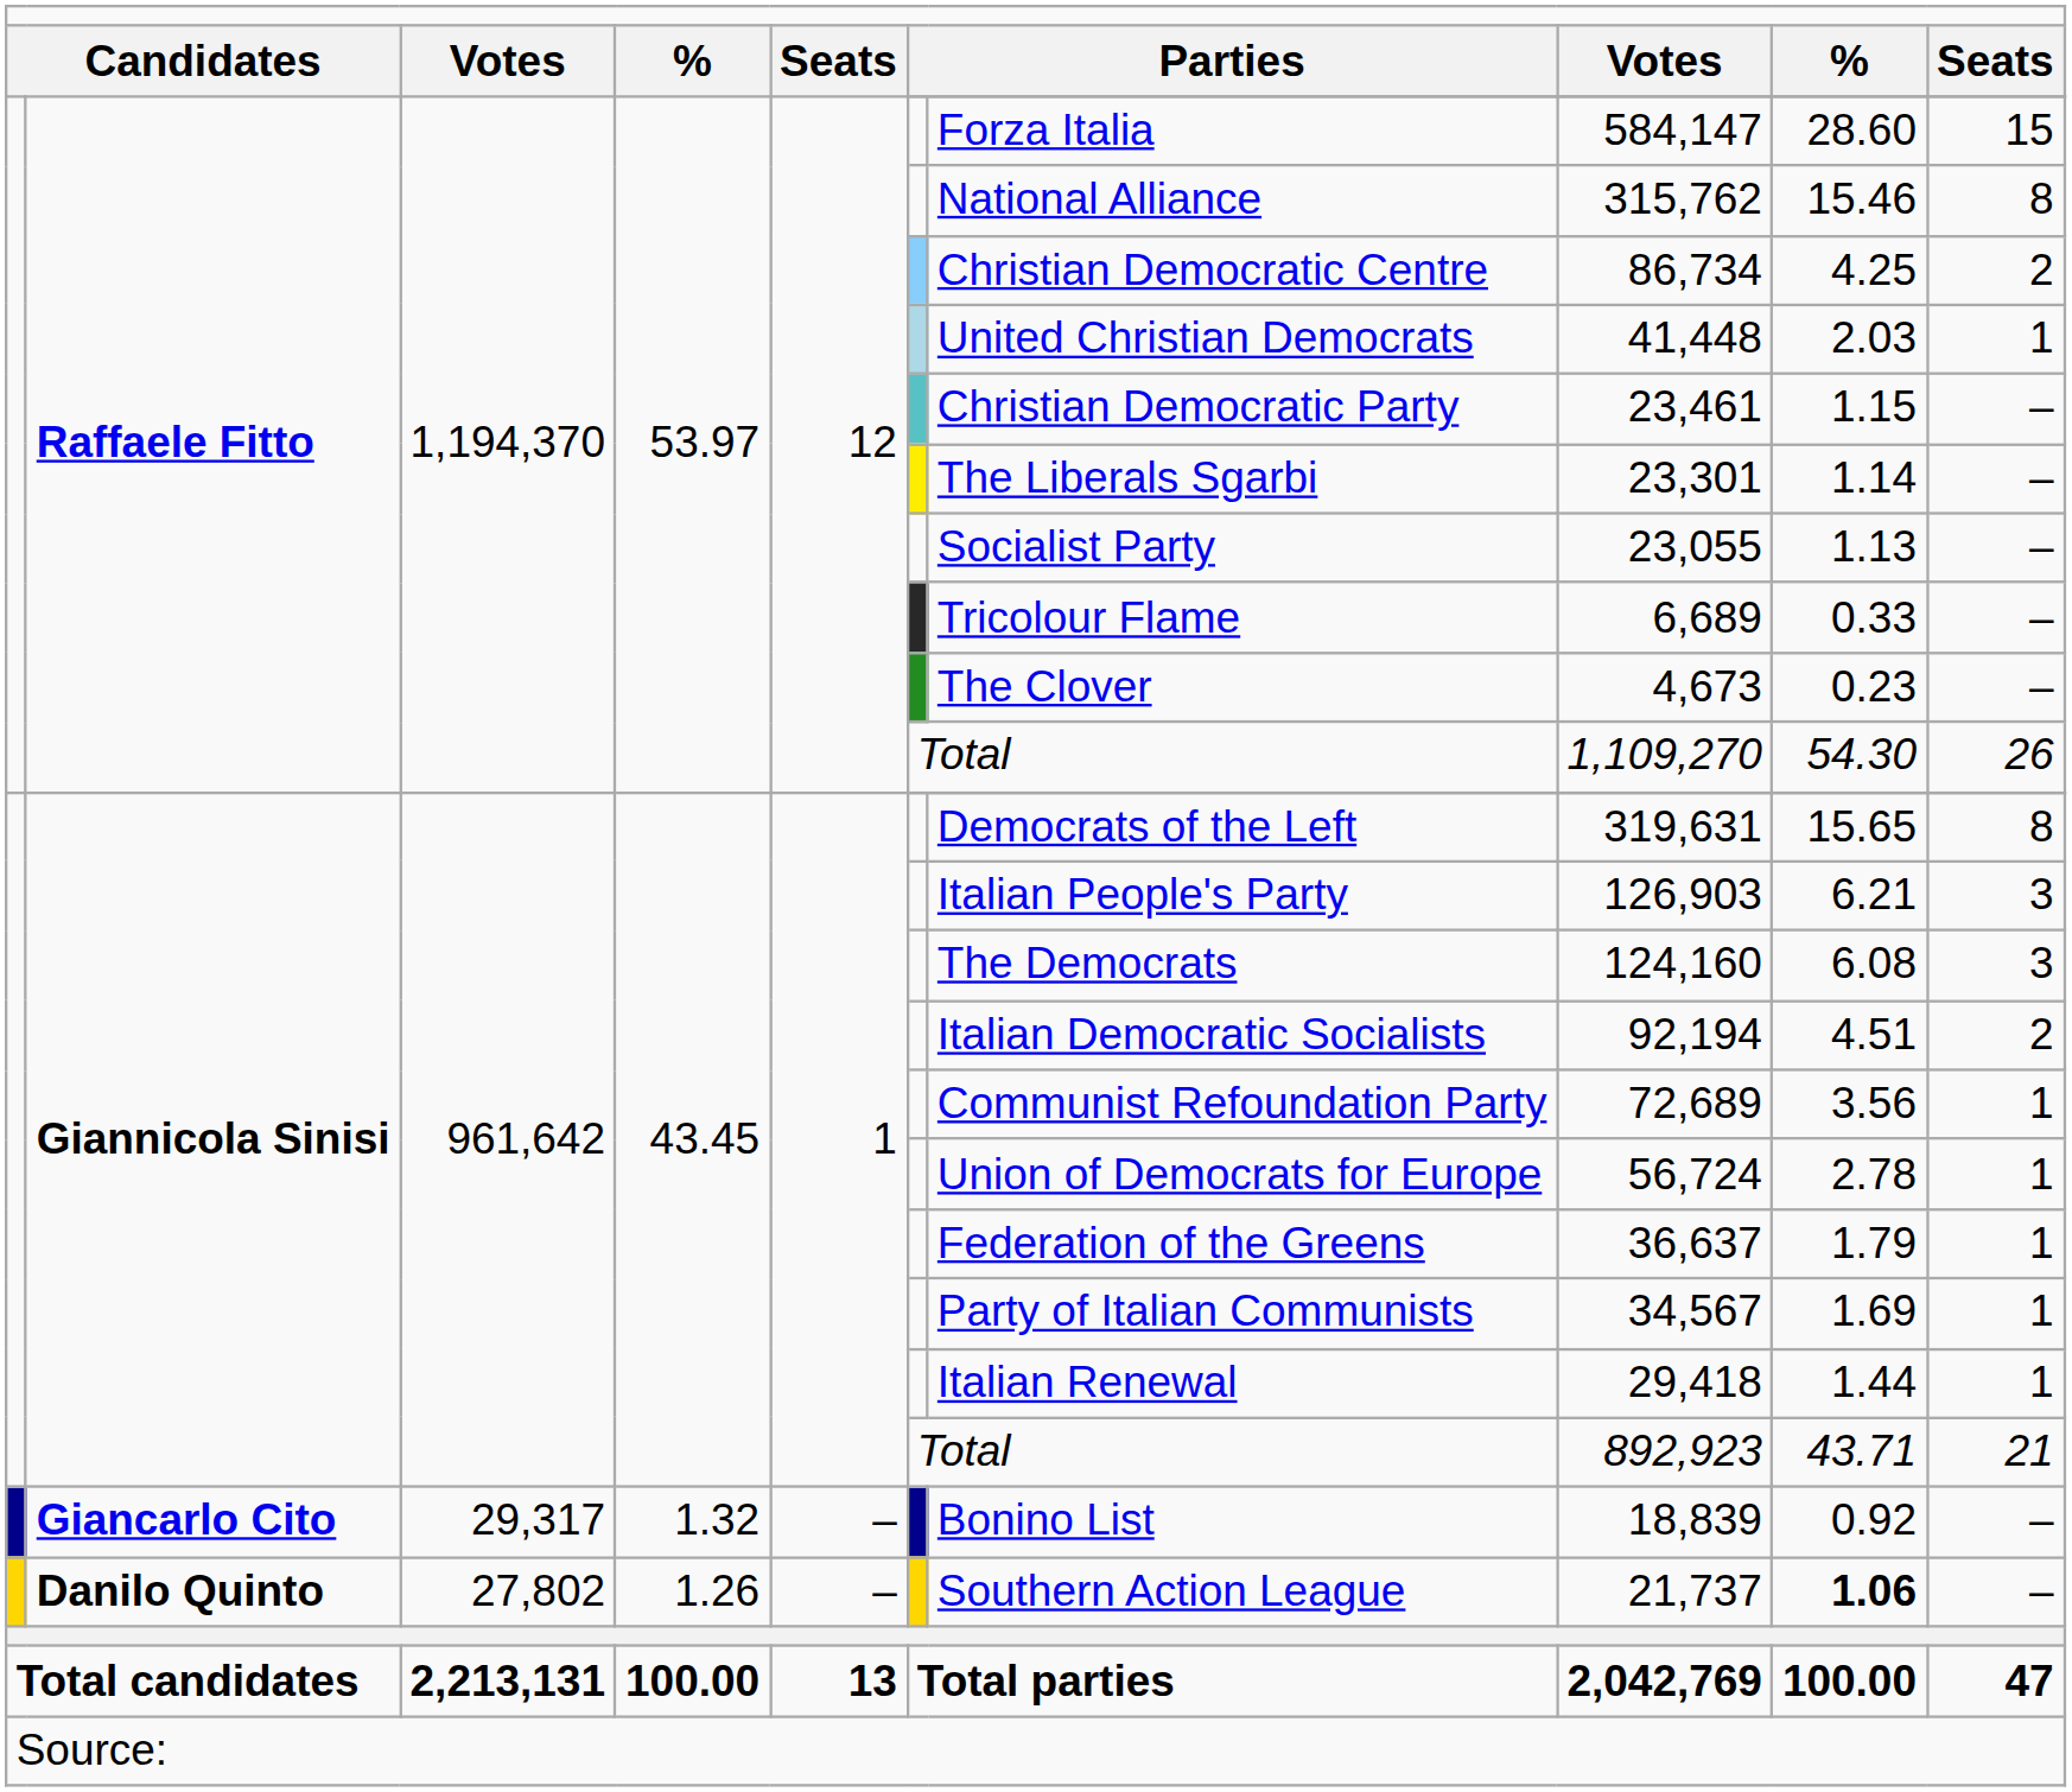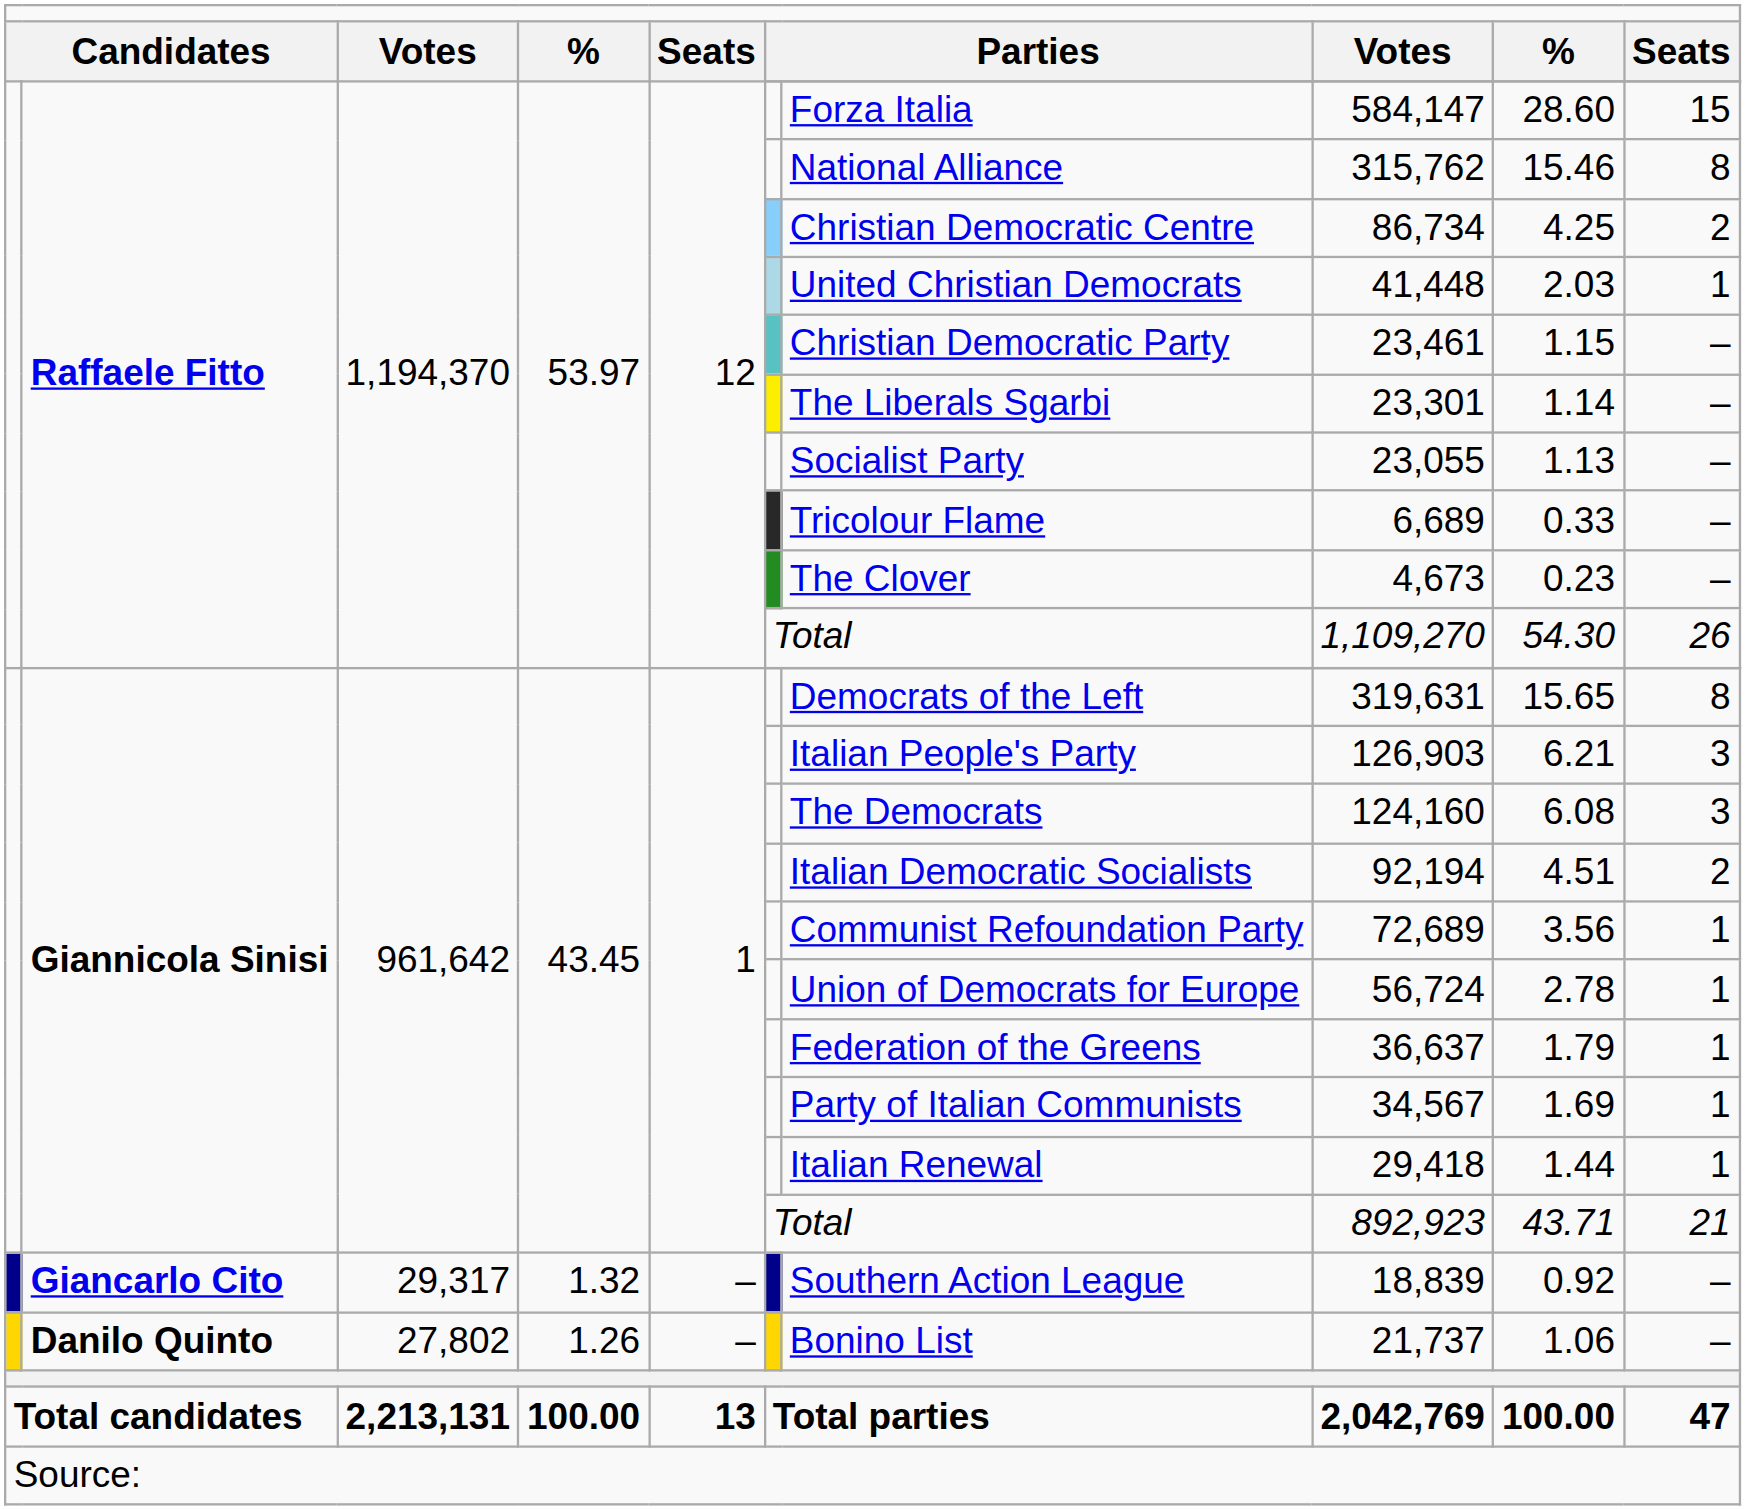 <table class="wikitable">
 <tr>
 <td colspan=10></td>
 </tr>
 <tr>
 <th colspan=2>Candidates</th>
 <th>Votes</th>
 <th>%</th>
 <th>Seats</th>
 <th colspan=2>Parties</th>
 <th>Votes</th>
 <th>%</th>
 <th>Seats</th>
 </tr>
 <tr>
 <td rowspan=11></td>
 <td rowspan=11><strong><a href='#'>Raffaele Fitto</a></strong></td>
 <td rowspan=11 align=right>1,194,370</td>
 <td rowspan=11 align=right>53.97</td>
 <td rowspan=11 align=right>12</td>
 </tr>
 <tr>
 <td></td>
 <td><a href='#'>Forza Italia</a></td>
 <td align=right>584,147</td>
 <td align=right>28.60</td>
 <td align=right>15</td>
 </tr>
 <tr>
 <td></td>
 <td><a href='#'>National Alliance</a></td>
 <td align=right>315,762</td>
 <td align=right>15.46</td>
 <td align=right>8</td>
 </tr>
 <tr>
 <td bgcolor="lightskyblue"></td>
 <td><a href='#'>Christian Democratic Centre</a></td>
 <td align=right>86,734</td>
 <td align=right>4.25</td>
 <td align=right>2</td>
 </tr>
 <tr>
 <td bgcolor="lightblue"></td>
 <td><a href='#'>United Christian Democrats</a></td>
 <td align=right>41,448</td>
 <td align=right>2.03</td>
 <td align=right>1</td>
 </tr>
 <tr>
 <td bgcolor="#58C1C4"></td>
 <td><a href='#'>Christian Democratic Party</a></td>
 <td align=right>23,461</td>
 <td align=right>1.15</td>
 <td align=right>–</td>
 </tr>
 <tr>
 <td bgcolor="#FDEE00"></td>
 <td><a href='#'>The Liberals Sgarbi</a></td>
 <td align=right>23,301</td>
 <td align=right>1.14</td>
 <td align=right>–</td>
 </tr>
 <tr>
 <td></td>
 <td><a href='#'>Socialist Party</a></td>
 <td align=right>23,055</td>
 <td align=right>1.13</td>
 <td align=right>–</td>
 </tr>
 <tr>
 <td bgcolor="#282828"></td>
 <td><a href='#'>Tricolour Flame</a></td>
 <td align=right>6,689</td>
 <td align=right>0.33</td>
 <td align=right>–</td>
 </tr>
 <tr>
 <td bgcolor="forestgreen"></td>
 <td><a href='#'>The Clover</a></td>
 <td align=right>4,673</td>
 <td align=right>0.23</td>
 <td align=right>–</td>
 </tr>
 <tr>
 <td colspan=2><em>Total</em></td>
 <td align=right><em>1,109,270</em></td>
 <td align=right><em>54.30</em></td>
 <td align=right><em>26</em></td>
 </tr>
 <tr>
 <td rowspan=11></td>
 <td rowspan=11><strong>Giannicola Sinisi</strong></td>
 <td rowspan=11 align=right>961,642</td>
 <td rowspan=11 align=right>43.45</td>
 <td rowspan=11 align=right>1</td>
 </tr>
 <tr>
 <td></td>
 <td><a href='#'>Democrats of the Left</a></td>
 <td align=right>319,631</td>
 <td align=right>15.65</td>
 <td align=right>8</td>
 </tr>
 <tr>
 <td></td>
 <td><a href='#'>Italian People's Party</a></td>
 <td align=right>126,903</td>
 <td align=right>6.21</td>
 <td align=right>3</td>
 </tr>
 <tr>
 <td></td>
 <td><a href='#'>The Democrats</a></td>
 <td align=right>124,160</td>
 <td align=right>6.08</td>
 <td align=right>3</td>
 </tr>
 <tr>
 <td></td>
 <td><a href='#'>Italian Democratic Socialists</a></td>
 <td align=right>92,194</td>
 <td align=right>4.51</td>
 <td align=right>2</td>
 </tr>
 <tr>
 <td></td>
 <td><a href='#'>Communist Refoundation Party</a></td>
 <td align=right>72,689</td>
 <td align=right>3.56</td>
 <td align=right>1</td>
 </tr>
 <tr>
 <td></td>
 <td><a href='#'>Union of Democrats for Europe</a></td>
 <td align=right>56,724</td>
 <td align=right>2.78</td>
 <td align=right>1</td>
 </tr>
 <tr>
 <td></td>
 <td><a href='#'>Federation of the Greens</a></td>
 <td align=right>36,637</td>
 <td align=right>1.79</td>
 <td align=right>1</td>
 </tr>
 <tr>
 <td></td>
 <td><a href='#'>Party of Italian Communists</a></td>
 <td align=right>34,567</td>
 <td align=right>1.69</td>
 <td align=right>1</td>
 </tr>
 <tr>
 <td></td>
 <td><a href='#'>Italian Renewal</a></td>
 <td align=right>29,418</td>
 <td align=right>1.44</td>
 <td align=right>1</td>
 </tr>
 <tr>
 <td colspan=2><em>Total</em></td>
 <td align=right><em>892,923</em></td>
 <td align=right><em>43.71</em></td>
 <td align=right><em>21</em></td>
 </tr>
 <tr>
 <td bgcolor="darkblue"></td>
 <td><strong><a href='#'>Giancarlo Cito</a></strong></td>
 <td align=right>29,317</td>
 <td align=right>1.32</td>
 <td align=right>–</td>
 <td bgcolor="darkblue"></td>
-<td><a href='#'>Bonino List</a></td>
+<td><a href='#'>Southern Action League</a></td>
 <td align=right>18,839</td>
 <td align=right>0.92</td>
 <td align=right>–</td>
 </tr>
 <tr>
 <td bgcolor="gold"></td>
 <td><strong>Danilo Quinto</strong></td>
 <td align=right>27,802</td>
 <td align=right>1.26</td>
 <td align=right>–</td>
 <td bgcolor="gold"></td>
-<td><a href='#'>Southern Action League</a></td>
+<td><a href='#'>Bonino List</a></td>
 <td align=right>21,737</td>
-<td align=right><strong>1.06</strong></td>
+<td align=right>1.06</td>
 <td align=right>–</td>
 </tr>
 <tr>
 <th colspan=10></th>
 </tr>
 <tr>
 <td colspan=2><strong>Total candidates</strong></td>
 <td align=right><strong>2,213,131</strong></td>
 <td align=right><strong>100.00</strong></td>
 <td align=right><strong>13</strong></td>
 <td colspan=2><strong>Total parties</strong></td>
 <td align=right><strong>2,042,769</strong></td>
 <td align=right><strong>100.00</strong></td>
 <td align=right><strong>47</strong></td>
 </tr>
 <tr>
 <td colspan=10>Source: </td>
 </tr>
 </table>
